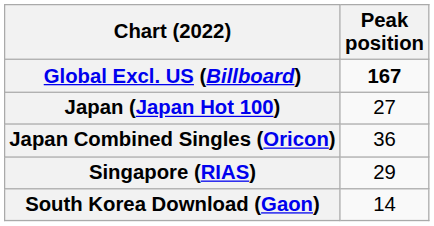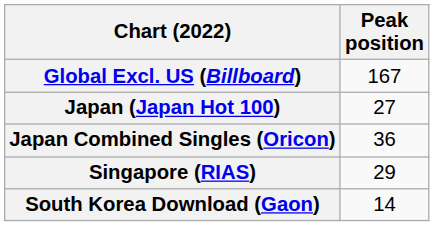 <table class="wikitable sortable plainrowheaders" style="text-align:center">
 <tr>
 <th scope="col">Chart (2022)</th>
 <th scope="col">Peak<br>position</th>
 </tr>
 <tr>
 <th scope="row"><a href='#'>Global Excl. US</a> (<em><a href='#'>Billboard</a></em>)</th>
-<td><strong>167</strong></td>
+<td>167</td>
 </tr>
 <tr>
 <th scope="row">Japan (<a href='#'>Japan Hot 100</a>)</th>
 <td>27</td>
 </tr>
 <tr>
 <th scope="row">Japan Combined Singles (<a href='#'>Oricon</a>)</th>
 <td>36</td>
 </tr>
 <tr>
 <th scope="row">Singapore (<a href='#'>RIAS</a>)</th>
 <td>29</td>
 </tr>
 <tr>
 <th scope="row">South Korea Download (<a href='#'>Gaon</a>)</th>
 <td>14</td>
 </tr>
 </table>
